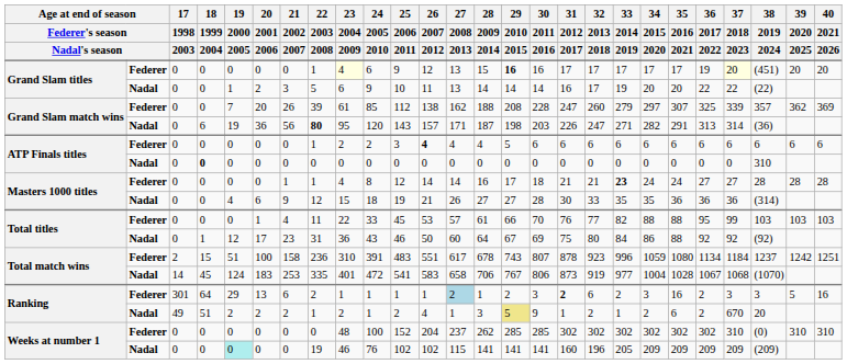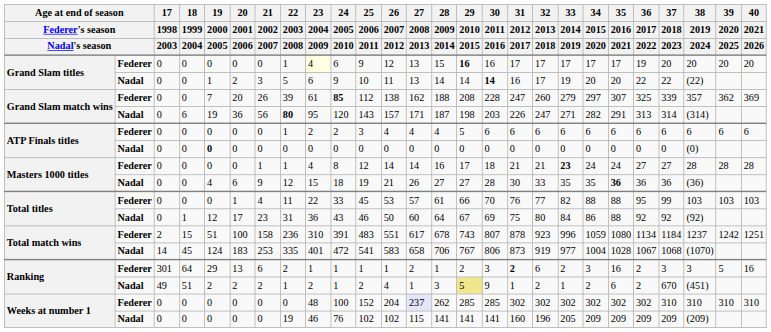 <table class="wikitable mw-datatable" style="font-size:90%;">
 <tr>
 <th colspan=2>Age at end of season</th>
 <th>17</th>
 <th>18</th>
 <th>19</th>
 <th>20</th>
 <th>21</th>
 <th>22</th>
 <th>23</th>
 <th>24</th>
 <th>25</th>
 <th>26</th>
 <th>27</th>
 <th>28</th>
 <th>29</th>
 <th>30</th>
 <th>31</th>
 <th>32</th>
 <th>33</th>
 <th>34</th>
 <th>35</th>
 <th>36</th>
 <th>37</th>
 <th>38</th>
 <th>39</th>
 <th>40</th>
 </tr>
 <tr>
 <th colspan=2> <a href='#'>Federer</a>'s season</th>
 <th>1998</th>
 <th>1999</th>
 <th>2000</th>
 <th>2001</th>
 <th>2002</th>
 <th>2003</th>
 <th>2004</th>
 <th>2005</th>
 <th>2006</th>
 <th>2007</th>
 <th>2008</th>
 <th>2009</th>
 <th>2010</th>
 <th>2011</th>
 <th>2012</th>
 <th>2013</th>
 <th>2014</th>
 <th>2015</th>
 <th>2016</th>
 <th>2017</th>
 <th>2018</th>
 <th>2019</th>
 <th>2020</th>
 <th>2021</th>
 </tr>
 <tr>
 <th colspan=2> <a href='#'>Nadal</a>'s season</th>
 <th>2003</th>
 <th>2004</th>
 <th>2005</th>
 <th>2006</th>
 <th>2007</th>
 <th>2008</th>
 <th>2009</th>
 <th>2010</th>
 <th>2011</th>
 <th>2012</th>
 <th>2013</th>
 <th>2014</th>
 <th>2015</th>
 <th>2016</th>
 <th>2017</th>
 <th>2018</th>
 <th>2019</th>
 <th>2020</th>
 <th>2021</th>
 <th>2022</th>
 <th>2023</th>
 <th>2024</th>
 <th>2025</th>
 <th>2026</th>
 </tr>
 <tr style="border-top: 2px solid gray;">
 <th rowspan=2 style="text-align: left;">Grand Slam titles</th>
 <td><strong>Federer</strong></td>
 <td>0</td>
 <td>0</td>
 <td>0</td>
 <td>0</td>
 <td>0</td>
 <td>1</td>
 <td style="background: lightyellow;">4</td>
 <td>6</td>
 <td>9</td>
 <td>12</td>
 <td>13</td>
 <td>15</td>
 <td><strong>16</strong></td>
 <td>16</td>
 <td>17</td>
 <td>17</td>
 <td>17</td>
 <td>17</td>
 <td>17</td>
 <td>19</td>
-<td style="background: lightyellow;">20</td>
-<td>(451)</td>
+<td>20</td>
+<td>20</td>
 <td>20</td>
 <td>20</td>
 </tr>
 <tr>
 <td><strong>Nadal</strong></td>
 <td>0</td>
 <td>0</td>
 <td>1</td>
 <td>2</td>
 <td>3</td>
 <td>5</td>
 <td>6</td>
 <td>9</td>
 <td>10</td>
 <td>11</td>
 <td>13</td>
 <td>14</td>
 <td>14</td>
-<td>14</td>
+<td><strong>14</strong></td>
 <td>16</td>
 <td>17</td>
 <td>19</td>
 <td>20</td>
 <td>20</td>
 <td>22</td>
 <td>22</td>
 <td>(22)</td>
 <td></td>
 <td></td>
 </tr>
 <tr>
 <th rowspan=2 style="text-align: left;">Grand Slam match wins</th>
 <td><strong>Federer</strong></td>
 <td>0</td>
 <td>0</td>
 <td>7</td>
 <td>20</td>
 <td>26</td>
 <td>39</td>
 <td>61</td>
-<td>85</td>
+<td><strong>85</strong></td>
 <td>112</td>
 <td>138</td>
 <td>162</td>
 <td>188</td>
 <td>208</td>
 <td>228</td>
 <td>247</td>
 <td>260</td>
 <td>279</td>
 <td>297</td>
 <td>307</td>
 <td>325</td>
 <td>339</td>
 <td>357</td>
 <td>362</td>
 <td>369</td>
 </tr>
 <tr>
 <td><strong>Nadal</strong></td>
 <td>0</td>
 <td>6</td>
 <td>19</td>
 <td>36</td>
 <td>56</td>
 <td><strong>80</strong></td>
 <td>95</td>
 <td>120</td>
 <td>143</td>
 <td>157</td>
 <td>171</td>
 <td>187</td>
 <td>198</td>
 <td>203</td>
 <td>226</td>
 <td>247</td>
 <td>271</td>
 <td>282</td>
 <td>291</td>
 <td>313</td>
 <td>314</td>
-<td>(36)</td>
+<td>(314)</td>
 <td></td>
 <td></td>
 </tr>
 <tr style="border-top: 2px solid gray;">
 <th rowspan=2 style="text-align: left;">ATP Finals titles</th>
 <td><strong>Federer</strong></td>
 <td>0</td>
 <td>0</td>
 <td>0</td>
 <td>0</td>
 <td>0</td>
 <td>1</td>
 <td>2</td>
 <td>2</td>
 <td>3</td>
-<td><strong>4</strong></td>
+<td>4</td>
 <td>4</td>
 <td>4</td>
 <td>5</td>
 <td>6</td>
 <td>6</td>
 <td>6</td>
 <td>6</td>
 <td>6</td>
 <td>6</td>
 <td>6</td>
 <td>6</td>
 <td>6</td>
 <td>6</td>
 <td>6</td>
 </tr>
 <tr>
 <td><strong>Nadal</strong></td>
+<td>0</td>
 <td>0</td>
 <td><strong>0</strong></td>
 <td>0</td>
 <td>0</td>
 <td>0</td>
 <td>0</td>
 <td>0</td>
 <td>0</td>
 <td>0</td>
 <td>0</td>
 <td>0</td>
 <td>0</td>
 <td>0</td>
 <td>0</td>
 <td>0</td>
 <td>0</td>
 <td>0</td>
 <td>0</td>
 <td>0</td>
 <td>0</td>
-<td>0</td>
-<td>310</td>
+<td>(0)</td>
 <td></td>
 <td></td>
 </tr>
 <tr>
 <th rowspan=2 style="text-align: left;">Masters 1000 titles</th>
 <td><strong>Federer </strong></td>
 <td>0</td>
 <td>0</td>
 <td>0</td>
 <td>0</td>
 <td>1</td>
 <td>1</td>
 <td>4</td>
 <td>8</td>
 <td>12</td>
 <td>14</td>
 <td>14</td>
 <td>16</td>
 <td>17</td>
 <td>18</td>
 <td>21</td>
 <td>21</td>
 <td><strong>23</strong></td>
 <td>24</td>
 <td>24</td>
 <td>27</td>
 <td>27</td>
 <td>28</td>
 <td>28</td>
 <td>28</td>
 </tr>
 <tr>
 <td><strong>Nadal</strong></td>
 <td>0</td>
 <td>0</td>
 <td>4</td>
 <td>6</td>
 <td>9</td>
 <td>12</td>
 <td>15</td>
 <td>18</td>
 <td>19</td>
 <td>21</td>
 <td>26</td>
 <td>27</td>
 <td>27</td>
 <td>28</td>
 <td>30</td>
 <td>33</td>
 <td>35</td>
 <td>35</td>
+<td><strong>36</strong></td>
 <td>36</td>
 <td>36</td>
-<td>36</td>
-<td>(314)</td>
+<td>(36)</td>
 <td></td>
 <td></td>
 </tr>
 <tr style="border-top: 2px solid gray;">
 <th rowspan=2 style="text-align: left;">Total titles</th>
 <td><strong>Federer</strong></td>
 <td>0</td>
 <td>0</td>
 <td>0</td>
 <td>1</td>
 <td>4</td>
 <td>11</td>
 <td>22</td>
 <td>33</td>
 <td>45</td>
 <td>53</td>
 <td>57</td>
 <td>61</td>
 <td>66</td>
 <td>70</td>
 <td>76</td>
 <td>77</td>
 <td>82</td>
 <td>88</td>
 <td>88</td>
 <td>95</td>
 <td>99</td>
 <td>103</td>
 <td>103</td>
 <td>103</td>
 </tr>
 <tr>
 <td><strong>Nadal</strong></td>
 <td>0</td>
 <td>1</td>
 <td>12</td>
 <td>17</td>
 <td>23</td>
 <td>31</td>
 <td>36</td>
 <td>43</td>
 <td>46</td>
 <td>50</td>
 <td>60</td>
 <td>64</td>
 <td>67</td>
 <td>69</td>
 <td>75</td>
 <td>80</td>
 <td>84</td>
 <td>86</td>
 <td>88</td>
 <td>92</td>
 <td>92</td>
 <td>(92)</td>
 <td></td>
 <td></td>
 </tr>
 <tr>
 <th rowspan=2 style="text-align: left;">Total match wins</th>
 <td><strong>Federer</strong></td>
 <td>2</td>
 <td>15</td>
 <td>51</td>
 <td>100</td>
 <td>158</td>
 <td>236</td>
 <td>310</td>
 <td>391</td>
 <td>483</td>
 <td>551</td>
 <td>617</td>
 <td>678</td>
 <td>743</td>
 <td>807</td>
 <td>878</td>
 <td>923</td>
 <td>996</td>
 <td>1059</td>
 <td>1080</td>
 <td>1134</td>
 <td>1184</td>
 <td>1237</td>
 <td>1242</td>
 <td>1251</td>
 </tr>
 <tr>
 <td><strong>Nadal</strong></td>
 <td>14</td>
 <td>45</td>
 <td>124</td>
 <td>183</td>
 <td>253</td>
 <td>335</td>
 <td>401</td>
 <td>472</td>
 <td>541</td>
 <td>583</td>
 <td>658</td>
 <td>706</td>
 <td>767</td>
 <td>806</td>
 <td>873</td>
 <td>919</td>
 <td>977</td>
 <td>1004</td>
 <td>1028</td>
 <td>1067</td>
 <td>1068</td>
 <td>(1070)</td>
 <td></td>
 <td></td>
 </tr>
 <tr style="border-top: 2px solid gray;">
 <th rowspan=2 style="text-align: left;">Ranking</th>
 <td><strong>Federer</strong></td>
 <td>301</td>
 <td>64</td>
 <td>29</td>
 <td>13</td>
 <td>6</td>
 <td>2</td>
 <td>1</td>
 <td>1</td>
 <td>1</td>
 <td>1</td>
-<td style="background: lightblue;">2</td>
+<td>2</td>
 <td>1</td>
 <td>2</td>
 <td>3</td>
 <td><strong>2</strong></td>
 <td>6</td>
 <td>2</td>
 <td>3</td>
 <td>16</td>
 <td>2</td>
 <td>3</td>
 <td>3</td>
 <td>5</td>
 <td>16</td>
 </tr>
 <tr>
 <td><strong>Nadal</strong></td>
 <td>49</td>
 <td>51</td>
 <td>2</td>
 <td>2</td>
 <td>2</td>
 <td>1</td>
 <td>2</td>
 <td>1</td>
 <td>2</td>
 <td>4</td>
 <td>1</td>
 <td>3</td>
 <td style="background: khaki;">5</td>
 <td>9</td>
 <td>1</td>
 <td>2</td>
 <td>1</td>
 <td>2</td>
 <td>6</td>
 <td>2</td>
 <td>670</td>
-<td>20</td>
+<td>(451)</td>
 <td></td>
 <td></td>
 </tr>
 <tr>
 <th rowspan=2 style="text-align: left;">Weeks at number 1</th>
 <td><strong>Federer</strong></td>
 <td>0</td>
 <td>0</td>
 <td>0</td>
 <td>0</td>
 <td>0</td>
 <td>0</td>
 <td>48</td>
 <td>100</td>
 <td>152</td>
 <td>204</td>
-<td>237</td>
+<td style="background: lavender;">237</td>
 <td>262</td>
 <td>285</td>
 <td>285</td>
 <td>302</td>
 <td>302</td>
 <td>302</td>
 <td>302</td>
 <td>302</td>
 <td>302</td>
 <td>310</td>
-<td>(0)</td>
+<td>310</td>
 <td>310</td>
 <td>310</td>
 </tr>
 <tr>
 <td><strong>Nadal</strong></td>
 <td>0</td>
 <td>0</td>
-<td style="background: paleturquoise;">0</td>
+<td>0</td>
 <td>0</td>
 <td>0</td>
 <td>19</td>
 <td>46</td>
 <td>76</td>
 <td>102</td>
 <td>102</td>
 <td>115</td>
 <td>141</td>
 <td>141</td>
 <td>141</td>
 <td>160</td>
 <td>196</td>
 <td>205</td>
 <td>209</td>
 <td>209</td>
 <td>209</td>
 <td>209</td>
 <td>(209)</td>
 <td></td>
 <td></td>
 </tr>
 </table>
